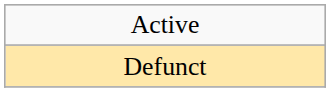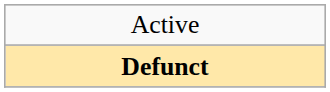 <table class="wikitable" style="width:200px;">
 <tr style="text-align:center;">
 <td>Active</td>
 </tr>
 <tr style="background:#ffe8a9; text-align:center;">
-<td>Defunct</td>
+<td><strong>Defunct</strong></td>
 </tr>
 </table>
